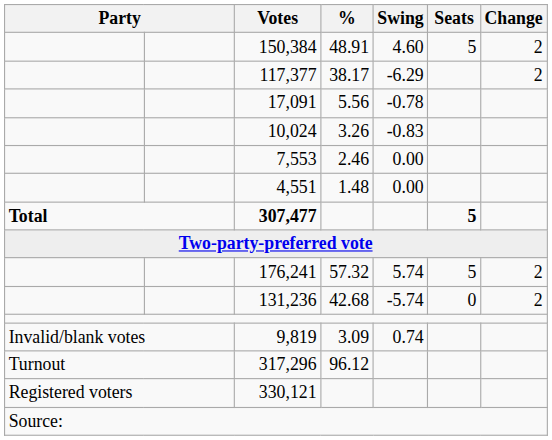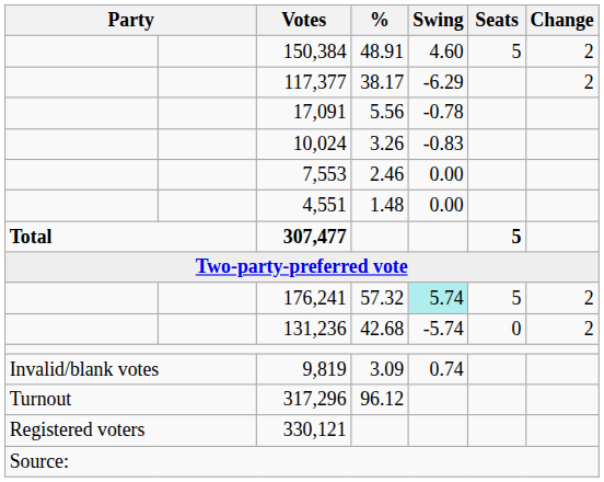 <table class="wikitable">
 <tr>
 <th colspan=2 style="width:200px"><strong>Party</strong></th>
 <th style="width:70px; text-align:center;"><strong>Votes</strong></th>
 <th style="width:40px; text-align:center;"><strong>%</strong></th>
 <th style="width:40px; text-align:center;"><strong>Swing</strong></th>
 <th style="width:40px; text-align:center;"><strong>Seats</strong></th>
 <th style="width:40px; text-align:center;"><strong>Change</strong></th>
 </tr>
 <tr>
 <td> </td>
 <td></td>
 <td align=right>150,384</td>
 <td align=right>48.91</td>
 <td align=right>4.60</td>
 <td align=right>5</td>
 <td align=right> 2</td>
 </tr>
 <tr>
 <td> </td>
 <td></td>
 <td align=right>117,377</td>
 <td align=right>38.17</td>
 <td align=right>-6.29</td>
 <td align=right></td>
 <td align=right> 2</td>
 </tr>
 <tr>
 <td> </td>
 <td></td>
 <td align=right>17,091</td>
 <td align=right>5.56</td>
 <td align=right>-0.78</td>
 <td align=right></td>
 <td align=right></td>
 </tr>
 <tr>
 <td> </td>
 <td></td>
 <td align=right>10,024</td>
 <td align=right>3.26</td>
 <td align=right>-0.83</td>
 <td align=right></td>
 <td align=right></td>
 </tr>
 <tr>
 <td> </td>
 <td></td>
 <td align=right>7,553</td>
 <td align=right>2.46</td>
 <td align=right>0.00</td>
 <td align=right></td>
 <td align=right></td>
 </tr>
 <tr>
 <td> </td>
 <td></td>
 <td align=right>4,551</td>
 <td align=right>1.48</td>
 <td align=right>0.00</td>
 <td align=right></td>
 <td align=right></td>
 </tr>
 <tr>
 <td colspan=2 align="left"><strong>Total</strong></td>
 <td align=right><strong>307,477</strong></td>
 <td align=right></td>
 <td align=right></td>
 <td align=right><strong>5</strong></td>
 <td align=right></td>
 </tr>
 <tr>
 <td colspan=7 style="text-align:center; background:#eee;"><strong><a href='#'>Two-party-preferred vote</a></strong></td>
 </tr>
 <tr>
 <td> </td>
 <td></td>
 <td align=right>176,241</td>
 <td align=right>57.32</td>
-<td align=right>5.74</td>
+<td align=right style="background: paleturquoise;">5.74</td>
 <td align=right>5</td>
 <td align=right> 2</td>
 </tr>
 <tr>
 <td> </td>
 <td></td>
 <td align=right>131,236</td>
 <td align=right>42.68</td>
 <td align=right>-5.74</td>
 <td align=right>0</td>
 <td align=right> 2</td>
 </tr>
 <tr>
 <td colspan=7></td>
 </tr>
 <tr>
 <td colspan=2 style="text-align:left;">Invalid/blank votes</td>
 <td align=right>9,819</td>
 <td align=right>3.09</td>
 <td align=right>0.74</td>
 <td></td>
 <td></td>
 </tr>
 <tr>
 <td colspan=2 style="text-align:left;">Turnout</td>
 <td align=right>317,296</td>
 <td align=right>96.12</td>
 <td></td>
 <td></td>
 <td></td>
 </tr>
 <tr>
 <td colspan=2 style="text-align:left;">Registered voters</td>
 <td align=right>330,121</td>
 <td></td>
 <td></td>
 <td></td>
 <td></td>
 </tr>
 <tr>
 <td colspan=7 align="left">Source: </td>
 </tr>
 </table>
